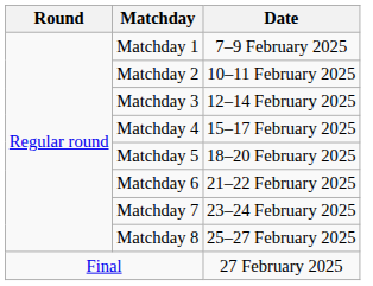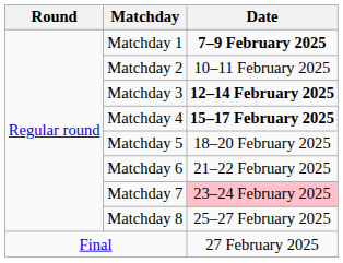 <table class="wikitable" style="text-align:center">
 <tr>
 <th>Round</th>
 <th>Matchday</th>
 <th>Date</th>
 </tr>
 <tr>
 <td rowspan="8"><a href='#'>Regular round</a></td>
 <td>Matchday 1</td>
-<td>7–9 February 2025</td>
+<td><strong>7–9 February 2025</strong></td>
 </tr>
 <tr>
 <td>Matchday 2</td>
 <td>10–11 February 2025</td>
 </tr>
 <tr>
 <td>Matchday 3</td>
-<td>12–14 February 2025</td>
+<td><strong>12–14 February 2025</strong></td>
 </tr>
 <tr>
 <td>Matchday 4</td>
-<td>15–17 February 2025</td>
+<td><strong>15–17 February 2025</strong></td>
 </tr>
 <tr>
 <td>Matchday 5</td>
 <td>18–20 February 2025</td>
 </tr>
 <tr>
 <td>Matchday 6</td>
 <td>21–22 February 2025</td>
 </tr>
 <tr>
 <td>Matchday 7</td>
-<td>23–24 February 2025</td>
+<td style="background: pink;">23–24 February 2025</td>
 </tr>
 <tr>
 <td>Matchday 8</td>
 <td>25–27 February 2025</td>
 </tr>
 <tr>
 <td colspan="2"><a href='#'>Final</a></td>
 <td>27 February 2025</td>
 </tr>
 </table>
